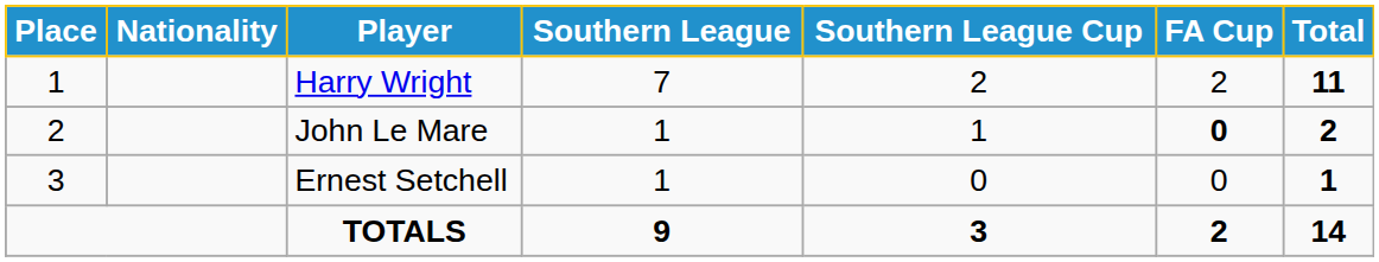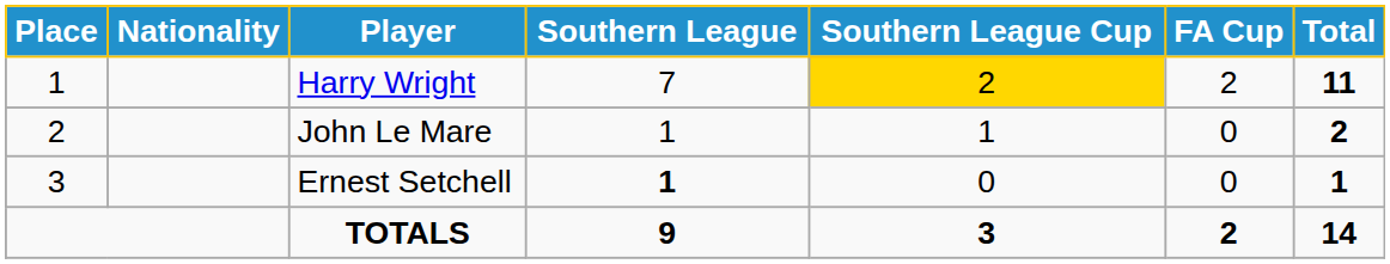 <table class="wikitable" style="text-align:center; font-size:90%; width:100%;">
 <tr>
 <th style="background:#2191CC; color:white; border:1px solid #F7C408; text-align:center;">Place</th>
 <th style="background:#2191CC; color:white; border:1px solid #F7C408; text-align:center;">Nationality</th>
 <th style="background:#2191CC; color:white; border:1px solid #F7C408; text-align:center;">Player</th>
 <th style="background:#2191CC; color:white; border:1px solid #F7C408; text-align:center;">Southern League</th>
 <th style="background:#2191CC; color:white; border:1px solid #F7C408; text-align:center;">Southern League Cup</th>
 <th style="background:#2191CC; color:white; border:1px solid #F7C408; text-align:center;">FA Cup</th>
 <th style="background:#2191CC; color:white; border:1px solid #F7C408; text-align:center;">Total</th>
 </tr>
 <tr>
 <td>1</td>
 <td></td>
 <td align="left"><a href='#'>Harry Wright</a></td>
 <td>7</td>
-<td>2</td>
+<td style="background: gold;">2</td>
 <td>2</td>
 <td><strong>11</strong></td>
 </tr>
 <tr>
 <td>2</td>
 <td></td>
 <td align="left">John Le Mare</td>
 <td>1</td>
 <td>1</td>
-<td><strong>0</strong></td>
+<td>0</td>
 <td><strong>2</strong></td>
 </tr>
 <tr>
 <td>3</td>
 <td></td>
 <td align="left">Ernest Setchell</td>
-<td>1</td>
+<td><strong>1</strong></td>
 <td>0</td>
 <td>0</td>
 <td><strong>1</strong></td>
 </tr>
 <tr>
 <td colspan="2"></td>
 <td><strong>TOTALS</strong></td>
 <td><strong>9</strong></td>
 <td><strong>3</strong></td>
 <td><strong>2</strong></td>
 <td><strong>14</strong></td>
 </tr>
 </table>
